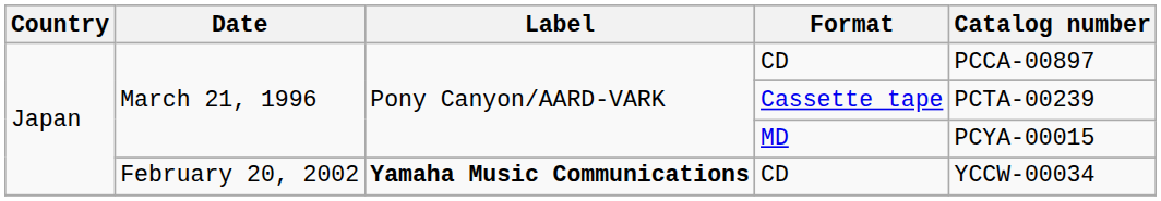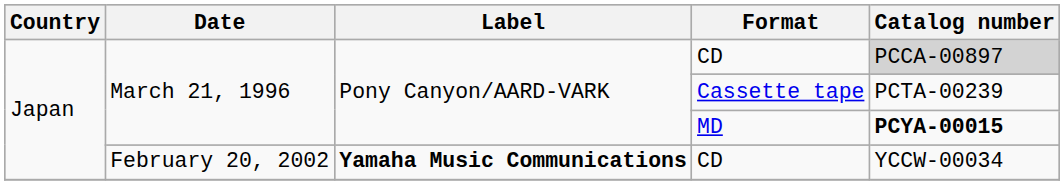 <table class="wikitable">
 <tr>
 <th>Country</th>
 <th>Date</th>
 <th>Label</th>
 <th>Format</th>
 <th>Catalog number</th>
 </tr>
 <tr>
 <td rowspan="4">Japan</td>
 <td rowspan="3">March 21, 1996</td>
 <td rowspan="3">Pony Canyon/AARD-VARK</td>
 <td>CD</td>
-<td>PCCA-00897</td>
+<td style="background: lightgrey;">PCCA-00897</td>
 </tr>
 <tr>
 <td><a href='#'>Cassette tape</a></td>
 <td>PCTA-00239</td>
 </tr>
 <tr>
 <td><a href='#'>MD</a></td>
-<td>PCYA-00015</td>
+<td><strong>PCYA-00015</strong></td>
 </tr>
 <tr>
 <td>February 20, 2002</td>
 <td><strong>Yamaha Music Communications</strong></td>
 <td>CD</td>
 <td>YCCW-00034</td>
 </tr>
 <tr>
 </tr>
 </table>
